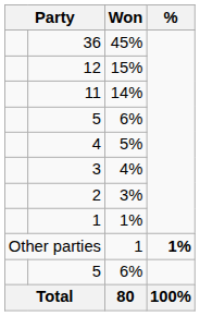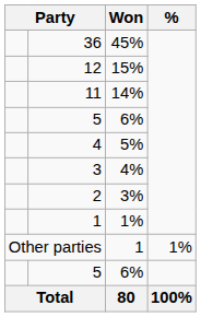 <table class=wikitable style="text-align:right;">
 <tr>
 <th colspan=2>Party</th>
 <th>Won</th>
 <th>%</th>
 </tr>
 <tr>
 <td></td>
 <td>36</td>
 <td>45%</td>
 </tr>
 <tr>
 <td></td>
 <td>12</td>
 <td>15%</td>
 </tr>
 <tr>
 <td></td>
 <td>11</td>
 <td>14%</td>
 </tr>
 <tr>
 <td></td>
 <td>5</td>
 <td>6%</td>
 </tr>
 <tr>
 <td></td>
 <td>4</td>
 <td>5%</td>
 </tr>
 <tr>
 <td></td>
 <td>3</td>
 <td>4%</td>
 </tr>
 <tr>
 <td></td>
 <td>2</td>
 <td>3%</td>
 </tr>
 <tr>
 <td></td>
 <td>1</td>
 <td>1%</td>
 </tr>
 <tr>
 <td colspan=2 align=left>Other parties</td>
 <td>1</td>
-<td><strong>1%</strong></td>
+<td>1%</td>
 </tr>
 <tr>
 <td></td>
 <td>5</td>
 <td>6%</td>
 </tr>
 <tr>
 <th colspan=2>Total</th>
 <th>80</th>
 <th>100%</th>
 </tr>
 </table>
